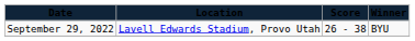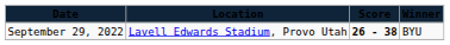 <table class="wikitable">
 <tr bgcolor=#0F2439 align=center>
 <td><span><strong>Date</strong></span></td>
 <td><span><strong>Location</strong></span></td>
 <td><span><strong>Score</strong></span></td>
 <td><span><strong>Winner</strong></span></td>
 </tr>
 <tr>
 <td>September 29, 2022</td>
 <td><a href='#'>Lavell Edwards Stadium</a>, Provo Utah</td>
-<td>26 - 38</td>
+<td><strong>26 - 38</strong></td>
 <td>BYU</td>
 </tr>
 <tr>
 </tr>
 </table>
